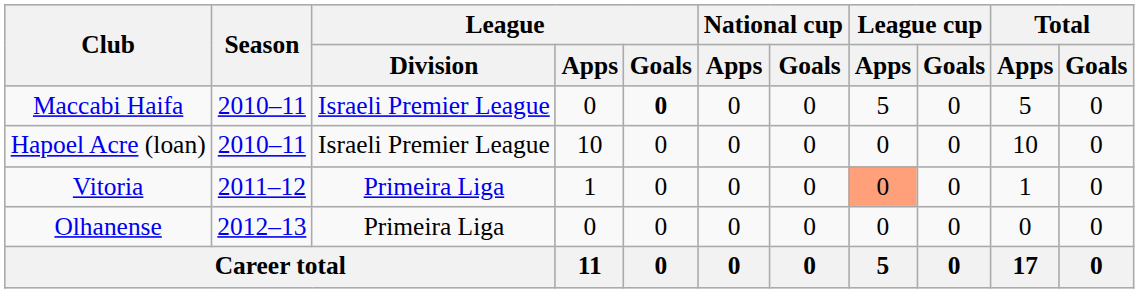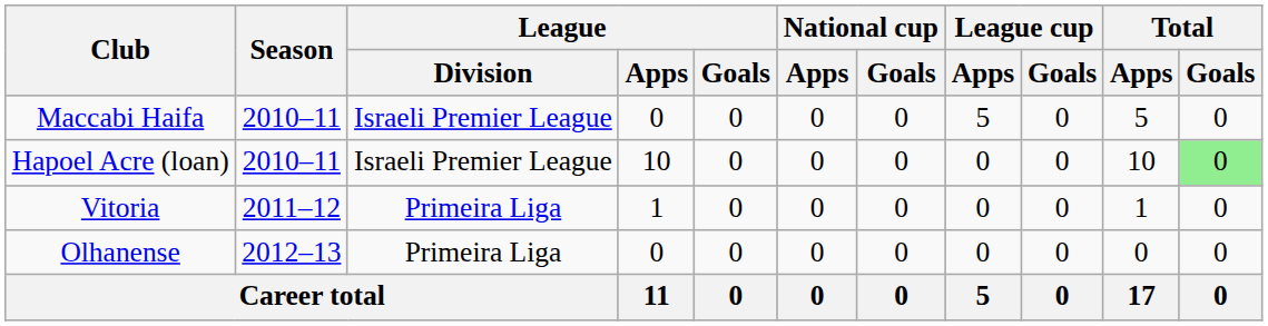 <table class="wikitable" style="text-align:center">
 <tr>
 <th rowspan="2">Club</th>
 <th rowspan="2">Season</th>
 <th colspan="3">League</th>
 <th colspan="2">National cup</th>
 <th colspan="2">League cup</th>
 <th colspan="2">Total</th>
 </tr>
 <tr>
 <th>Division</th>
 <th>Apps</th>
 <th>Goals</th>
 <th>Apps</th>
 <th>Goals</th>
 <th>Apps</th>
 <th>Goals</th>
 <th>Apps</th>
 <th>Goals</th>
 </tr>
 <tr>
 <td><a href='#'>Maccabi Haifa</a></td>
 <td><a href='#'>2010–11</a></td>
 <td><a href='#'>Israeli Premier League</a></td>
 <td>0</td>
-<td><strong>0</strong></td>
+<td>0</td>
 <td>0</td>
 <td>0</td>
 <td>5</td>
 <td>0</td>
 <td>5</td>
 <td>0</td>
 </tr>
 <tr>
 <td><a href='#'>Hapoel Acre</a> (loan)</td>
 <td><a href='#'>2010–11</a></td>
 <td>Israeli Premier League</td>
 <td>10</td>
 <td>0</td>
 <td>0</td>
 <td>0</td>
 <td>0</td>
 <td>0</td>
 <td>10</td>
-<td>0</td>
+<td style="background: lightgreen;">0</td>
 </tr>
 <tr>
 <td><a href='#'>Vitoria</a></td>
 <td><a href='#'>2011–12</a></td>
 <td><a href='#'>Primeira Liga</a></td>
 <td>1</td>
 <td>0</td>
 <td>0</td>
 <td>0</td>
-<td style="background: lightsalmon;">0</td>
+<td>0</td>
 <td>0</td>
 <td>1</td>
 <td>0</td>
 </tr>
 <tr>
 <td><a href='#'>Olhanense</a></td>
 <td><a href='#'>2012–13</a></td>
 <td>Primeira Liga</td>
 <td>0</td>
 <td>0</td>
 <td>0</td>
 <td>0</td>
 <td>0</td>
 <td>0</td>
 <td>0</td>
 <td>0</td>
 </tr>
 <tr>
 <th colspan="3">Career total</th>
 <th>11</th>
 <th>0</th>
 <th>0</th>
 <th>0</th>
 <th>5</th>
 <th>0</th>
 <th>17</th>
 <th>0</th>
 </tr>
 </table>
